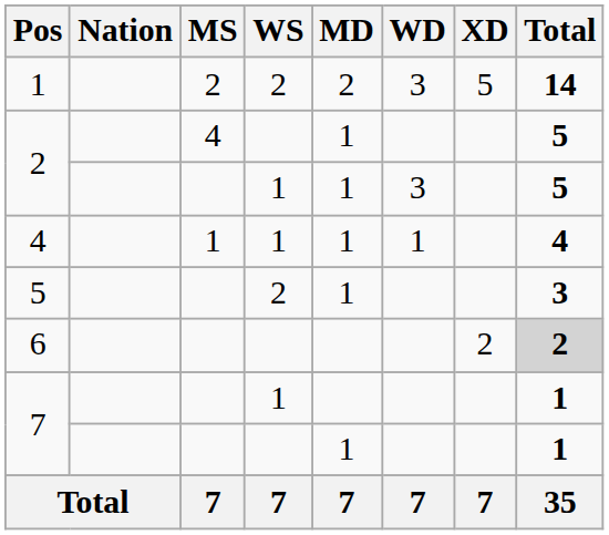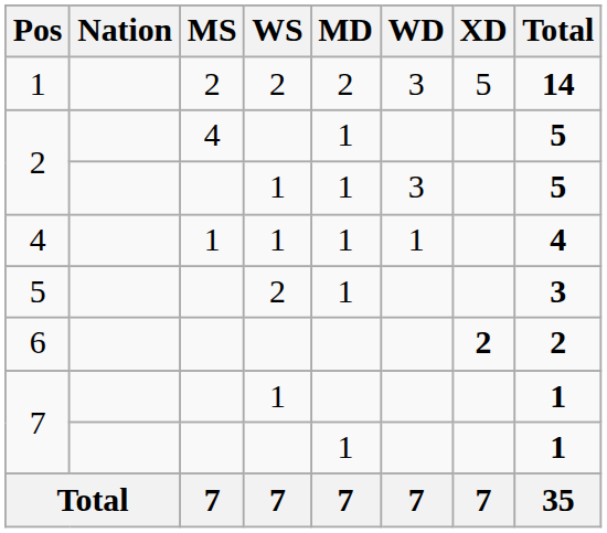 <table class="wikitable" style="text-align:center">
 <tr>
 <th>Pos</th>
 <th>Nation</th>
 <th>MS</th>
 <th>WS</th>
 <th>MD</th>
 <th>WD</th>
 <th>XD</th>
 <th>Total</th>
 </tr>
 <tr>
 <td>1</td>
 <td align="left"></td>
 <td>2</td>
 <td>2</td>
 <td>2</td>
 <td>3</td>
 <td>5</td>
 <td><strong>14</strong></td>
 </tr>
 <tr>
 <td rowspan="2">2</td>
 <td align="left"></td>
 <td>4</td>
 <td></td>
 <td>1</td>
 <td></td>
 <td></td>
 <td><strong>5</strong></td>
 </tr>
 <tr>
 <td align="left"></td>
 <td></td>
 <td>1</td>
 <td>1</td>
 <td>3</td>
 <td></td>
 <td><strong>5</strong></td>
 </tr>
 <tr>
 <td>4</td>
 <td align="left"></td>
 <td>1</td>
 <td>1</td>
 <td>1</td>
 <td>1</td>
 <td></td>
 <td><strong>4</strong></td>
 </tr>
 <tr>
 <td>5</td>
 <td align="left"></td>
 <td></td>
 <td>2</td>
 <td>1</td>
 <td></td>
 <td></td>
 <td><strong>3</strong></td>
 </tr>
 <tr>
 <td>6</td>
 <td align="left"></td>
 <td></td>
 <td></td>
 <td></td>
 <td></td>
-<td>2</td>
-<td style="background: lightgrey;"><strong>2</strong></td>
+<td><strong>2</strong></td>
+<td><strong>2</strong></td>
 </tr>
 <tr>
 <td rowspan=2>7</td>
 <td align="left"></td>
 <td></td>
 <td>1</td>
 <td></td>
 <td></td>
 <td></td>
 <td><strong>1</strong></td>
 </tr>
 <tr>
 <td align="left"></td>
 <td></td>
 <td></td>
 <td>1</td>
 <td></td>
 <td></td>
 <td><strong>1</strong></td>
 </tr>
 <tr>
 <th colspan="2">Total</th>
 <th>7</th>
 <th>7</th>
 <th>7</th>
 <th>7</th>
 <th>7</th>
 <th>35</th>
 </tr>
 </table>
